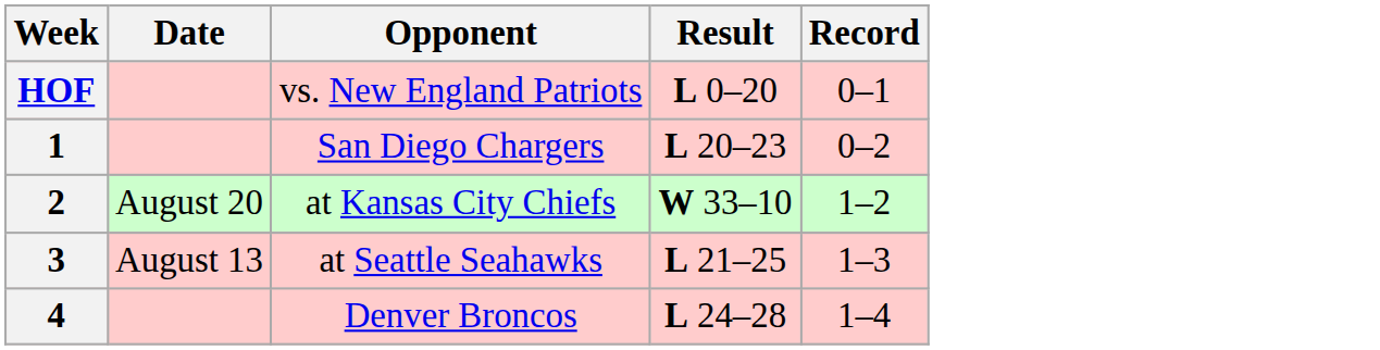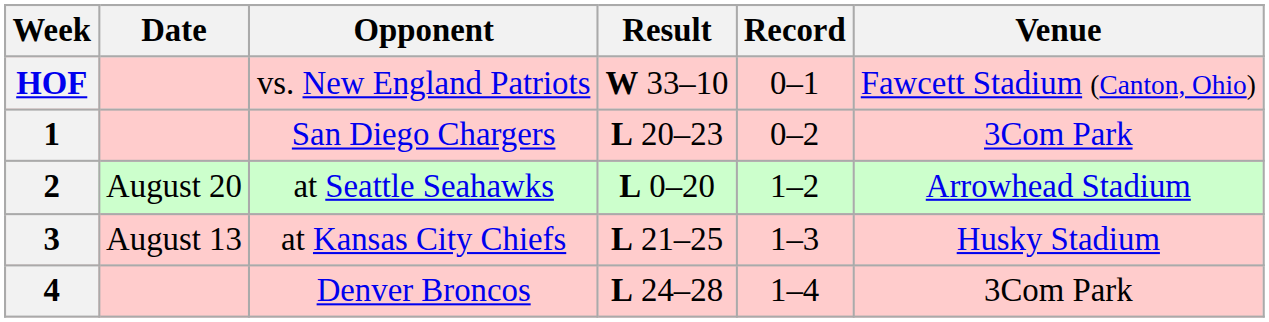 <table class="wikitable" style="text-align:center">
 <tr>
 <th>Week</th>
 <th>Date</th>
 <th>Opponent</th>
 <th>Result</th>
 <th>Record</th>
+<th>Venue</th>
 </tr>
 <tr style="background: #fcc;">
 <th><a href='#'>HOF</a></th>
 <td></td>
 <td>vs. <a href='#'>New England Patriots</a></td>
-<td><strong>L</strong> 0–20</td>
+<td><strong>W</strong> 33–10</td>
 <td>0–1</td>
+<td><a href='#'>Fawcett Stadium</a> <small>(<a href='#'>Canton, Ohio</a>)</small></td>
 </tr>
 <tr style="background: #fcc;">
 <th>1</th>
 <td></td>
 <td><a href='#'>San Diego Chargers</a></td>
 <td><strong>L</strong> 20–23</td>
 <td>0–2</td>
+<td><a href='#'>3Com Park</a></td>
 </tr>
 <tr style="background: #cfc;">
 <th>2</th>
 <td>August 20</td>
-<td>at <a href='#'>Kansas City Chiefs</a></td>
-<td><strong>W</strong> 33–10</td>
+<td>at <a href='#'>Seattle Seahawks</a></td>
+<td><strong>L</strong> 0–20</td>
 <td>1–2</td>
+<td><a href='#'>Arrowhead Stadium</a></td>
 </tr>
 <tr style="background: #fcc;">
 <th>3</th>
 <td>August 13</td>
-<td>at <a href='#'>Seattle Seahawks</a></td>
+<td>at <a href='#'>Kansas City Chiefs</a></td>
 <td><strong>L</strong> 21–25</td>
 <td>1–3</td>
+<td><a href='#'>Husky Stadium</a></td>
 </tr>
 <tr style="background: #fcc;">
 <th>4</th>
 <td></td>
 <td><a href='#'>Denver Broncos</a></td>
 <td><strong>L</strong> 24–28</td>
 <td>1–4</td>
+<td>3Com Park</td>
 </tr>
 </table>
